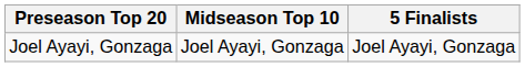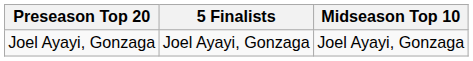 <table class="wikitable">
 <tr>
 <th>Preseason Top 20</th>
+<th>5 Finalists</th>
 <th>Midseason Top 10</th>
-<th>5 Finalists</th>
 </tr>
 <tr>
 <td>Joel Ayayi, Gonzaga</td>
 <td>Joel Ayayi, Gonzaga</td>
 <td>Joel Ayayi, Gonzaga</td>
 </tr>
 </table>
